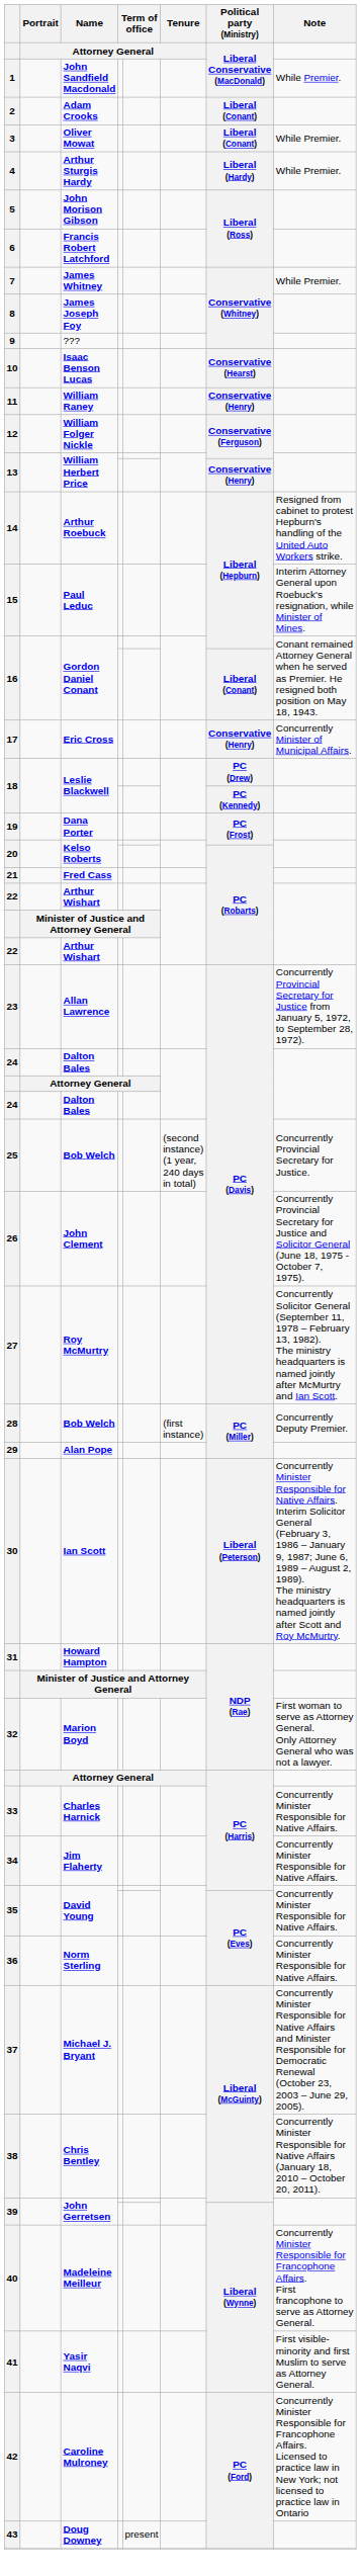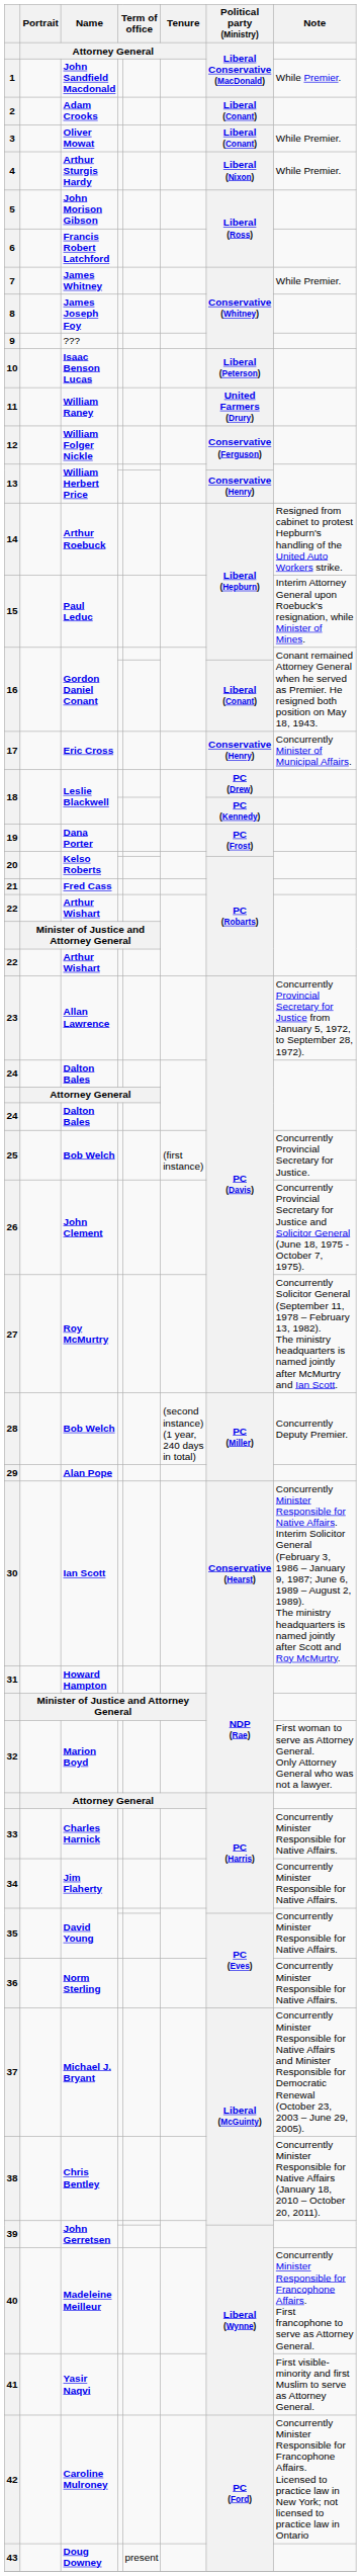 <table class="wikitable" style="width: 90%">
 <tr>
 <th></th>
 <th style="width: 65px;">Portrait</th>
 <th>Name</th>
 <th colspan=2>Term of office</th>
 <th>Tenure</th>
 <th>Political party<br><small>(Ministry)</small></th>
 <th style="width: 400px;">Note</th>
 </tr>
 <tr>
 <th></th>
 <th colspan=5>Attorney General</th>
 <th rowspan=2; style="background:"><a href='#'>Liberal<br>Conservative</a><br><small>(<a href='#'>MacDonald</a>)</small></th>
 <td></td>
 </tr>
 <tr>
 <th style="background:">1</th>
 <td></td>
 <td><strong><a href='#'>John Sandfield <br> Macdonald</a></strong></td>
 <td></td>
 <td></td>
 <td></td>
 <td>While <a href='#'>Premier</a>.</td>
 </tr>
 <tr>
 <th style="background:">2</th>
 <td></td>
 <td><strong><a href='#'>Adam Crooks</a></strong></td>
 <td></td>
 <td></td>
 <td></td>
 <th style="background:"><a href='#'>Liberal</a><br><small>(<a href='#'>Conant</a>)</small></th>
 <td></td>
 </tr>
 <tr>
 <th style="background:">3</th>
 <td></td>
 <td><strong><a href='#'>Oliver Mowat</a></strong></td>
 <td></td>
 <td></td>
 <td></td>
 <th style="background:"><a href='#'>Liberal</a><br><small>(<a href='#'>Conant</a>)</small></th>
 <td>While Premier.</td>
 </tr>
 <tr>
 <th style="background:">4</th>
 <td></td>
 <td><strong><a href='#'>Arthur Sturgis Hardy</a></strong></td>
 <td></td>
 <td></td>
 <td></td>
-<th style="background:"><a href='#'>Liberal</a><br><small>(<a href='#'>Hardy</a>)</small></th>
+<th style="background:"><a href='#'>Liberal</a><br><small>(<a href='#'>Nixon</a>)</small></th>
 <td>While Premier.</td>
 </tr>
 <tr>
 <th style="background:">5</th>
 <td></td>
 <td><strong><a href='#'>John Morison Gibson</a></strong></td>
 <td></td>
 <td></td>
 <td></td>
 <th rowspan=2; style="background:"><a href='#'>Liberal</a><br><small>(<a href='#'>Ross</a>)</small></th>
 <td></td>
 </tr>
 <tr>
 <th style="background:">6</th>
 <td></td>
 <td><strong><a href='#'>Francis Robert Latchford</a></strong></td>
 <td></td>
 <td></td>
 <td></td>
 <td></td>
 </tr>
 <tr>
 <th style="background:">7</th>
 <td></td>
 <td><strong><a href='#'>James Whitney</a></strong></td>
 <td></td>
 <td></td>
 <td></td>
 <th rowspan=3; style="background:"><a href='#'>Conservative</a><br><small>(<a href='#'>Whitney</a>)</small></th>
 <td>While Premier.</td>
 </tr>
 <tr>
 <th style="background:">8</th>
 <td></td>
 <td><strong><a href='#'>James Joseph Foy</a></strong></td>
 <td></td>
 <td></td>
 <td></td>
 <td></td>
 </tr>
 <tr>
 <th style="background:">9</th>
 <td></td>
 <td>???</td>
 <td></td>
 <td></td>
 <td></td>
 <td></td>
 </tr>
 <tr>
 <th style="background:">10</th>
 <td></td>
 <td><strong><a href='#'>Isaac Benson Lucas</a></strong></td>
 <td></td>
 <td></td>
 <td></td>
-<th style="background:"><a href='#'>Conservative</a><br><small>(<a href='#'>Hearst</a>)</small></th>
+<th style="background:"><a href='#'>Liberal</a><br><small>(<a href='#'>Peterson</a>)</small></th>
 <td></td>
 </tr>
 <tr>
 <th style="background:">11</th>
 <td></td>
 <td><strong><a href='#'>William Raney</a></strong></td>
 <td></td>
 <td></td>
 <td></td>
-<th style="background:"><a href='#'>Conservative</a><br><small>(<a href='#'>Henry</a>)</small></th>
+<th style="background:"><a href='#'>United Farmers</a><br><small>(<a href='#'>Drury</a>)</small></th>
 <td></td>
 </tr>
 <tr>
 <th style="background:">12</th>
 <td></td>
 <td><strong><a href='#'>William Folger Nickle</a></strong></td>
 <td></td>
 <td></td>
 <td></td>
 <th rowspan=2; style="background:"><a href='#'>Conservative</a><br><small>(<a href='#'>Ferguson</a>)</small></th>
 <td></td>
 </tr>
 <tr>
 <th rowspan=2; style="background:">13</th>
 <td rowspan=2></td>
 <td rowspan=2><strong><a href='#'>William Herbert Price</a></strong></td>
 <td></td>
 <td></td>
 <td rowspan=2></td>
 <td rowspan=2></td>
 </tr>
 <tr>
 <td></td>
 <td></td>
 <th style="background:"><a href='#'>Conservative</a><br><small>(<a href='#'>Henry</a>)</small></th>
 </tr>
 <tr>
 <th style="background:">14</th>
 <td></td>
 <td><strong><a href='#'>Arthur Roebuck</a></strong></td>
 <td></td>
 <td></td>
 <td></td>
 <th rowspan=3; style="background:"><a href='#'>Liberal</a><br><small>(<a href='#'>Hepburn</a>)</small></th>
 <td>Resigned from cabinet to protest Hepburn's handling of the <a href='#'>United Auto Workers</a> strike.</td>
 </tr>
 <tr>
 <th style="background:">15</th>
 <td></td>
 <td><strong><a href='#'>Paul Leduc</a></strong></td>
 <td></td>
 <td></td>
 <td></td>
 <td>Interim Attorney General upon Roebuck's resignation, while <a href='#'>Minister of Mines</a>.</td>
 </tr>
 <tr>
 <th rowspan=2; style="background:">16</th>
 <td rowspan=2></td>
 <td rowspan=2><strong><a href='#'>Gordon Daniel Conant</a></strong></td>
 <td></td>
 <td></td>
 <td rowspan=2></td>
 <td rowspan=2>Conant remained Attorney General when he served as Premier. He resigned both position on May 18, 1943.</td>
 </tr>
 <tr>
 <td></td>
 <td></td>
 <th style="background:"><a href='#'>Liberal</a><br><small>(<a href='#'>Conant</a>)</small></th>
 </tr>
 <tr>
 <th style="background:">17</th>
 <td></td>
 <td><strong><a href='#'>Eric Cross</a></strong></td>
 <td></td>
 <td></td>
 <td></td>
 <th style="background:"><a href='#'>Conservative</a><br><small>(<a href='#'>Henry</a>)</small></th>
 <td>Concurrently <a href='#'>Minister of Municipal Affairs</a>.</td>
 </tr>
 <tr>
 <th rowspan=2; style="background:">18</th>
 <td rowspan=2></td>
 <td rowspan=2><strong><a href='#'>Leslie Blackwell</a></strong></td>
 <td></td>
 <td></td>
 <td rowspan=2></td>
 <th style="background:"><a href='#'>PC</a><br><small>(<a href='#'>Drew</a>)</small></th>
 <td></td>
 </tr>
 <tr>
 <td></td>
 <td></td>
 <th style="background:"><a href='#'>PC</a><br><small>(<a href='#'>Kennedy</a>)</small></th>
 <td></td>
 </tr>
 <tr>
 <th style="background:">19</th>
 <td></td>
 <td><strong><a href='#'>Dana Porter</a></strong></td>
 <td></td>
 <td></td>
 <td></td>
 <th rowspan=2; style="background:"><a href='#'>PC</a><br><small>(<a href='#'>Frost</a>)</small></th>
 <td></td>
 </tr>
 <tr>
 <th rowspan=2; style="background:">20</th>
 <td rowspan=2></td>
 <td rowspan=2><strong><a href='#'>Kelso Roberts</a></strong></td>
 <td></td>
 <td></td>
 <td rowspan=2></td>
 <td rowspan=2></td>
 </tr>
 <tr>
 <td></td>
 <td></td>
 <th rowspan=5; style="background:"><a href='#'>PC</a><br><small>(<a href='#'>Robarts</a>)</small></th>
 </tr>
 <tr>
 <th style="background:">21</th>
 <td></td>
 <td><strong><a href='#'>Fred Cass</a></strong></td>
 <td></td>
 <td></td>
 <td></td>
 <td></td>
 </tr>
 <tr>
 <th style="background:">22</th>
 <td></td>
 <td><strong><a href='#'>Arthur Wishart</a></strong></td>
 <td></td>
 <td></td>
 <td rowspan=3></td>
 <td rowspan=3></td>
 </tr>
 <tr>
 <th></th>
 <th colspan=4>Minister of Justice and Attorney General</th>
 </tr>
 <tr>
 <th style="background:">22</th>
 <td></td>
 <td><strong><a href='#'>Arthur Wishart</a></strong></td>
 <td></td>
 <td></td>
 </tr>
 <tr>
 <th style="background:">23</th>
 <td></td>
 <td><strong><a href='#'>Allan Lawrence</a></strong></td>
 <td></td>
 <td></td>
 <td></td>
 <th rowspan=7; style="background:"><a href='#'>PC</a><br><small>(<a href='#'>Davis</a>)</small></th>
 <td>Concurrently <a href='#'>Provincial Secretary for Justice</a> from January 5, 1972, to September 28, 1972).</td>
 </tr>
 <tr>
 <th style="background:">24</th>
 <td></td>
 <td><strong><a href='#'>Dalton Bales</a></strong></td>
 <td></td>
 <td></td>
 <td rowspan=3></td>
 </tr>
 <tr>
 <th></th>
 <th colspan=4>Attorney General</th>
 </tr>
 <tr>
 <th style="background:">24</th>
 <td></td>
 <td><strong><a href='#'>Dalton Bales</a></strong></td>
 <td></td>
 <td></td>
 </tr>
 <tr>
 <th style="background:">25</th>
 <td></td>
 <td><strong><a href='#'>Bob Welch</a></strong></td>
 <td></td>
 <td></td>
-<td><br>(second instance)<br>(1 year, 240 days in total)</td>
+<td><br>(first instance)</td>
 <td>Concurrently Provincial Secretary for Justice.</td>
 </tr>
 <tr>
 <th style="background:">26</th>
 <td></td>
 <td><strong><a href='#'>John Clement</a></strong></td>
 <td></td>
 <td></td>
 <td></td>
 <td>Concurrently Provincial Secretary for Justice and <a href='#'>Solicitor General</a> (June 18, 1975 - October 7, 1975).</td>
 </tr>
 <tr>
 <th style="background:">27</th>
 <td></td>
 <td><strong><a href='#'>Roy McMurtry</a></strong></td>
 <td></td>
 <td></td>
 <td></td>
 <td>Concurrently Solicitor General (September 11, 1978 – February 13, 1982). <br> The ministry headquarters is named jointly after McMurtry and <a href='#'>Ian Scott</a>.</td>
 </tr>
 <tr>
 <th style="background:">28</th>
 <td></td>
 <td><strong><a href='#'>Bob Welch</a></strong></td>
 <td></td>
 <td></td>
-<td><br>(first instance)</td>
+<td><br>(second instance)<br>(1 year, 240 days in total)</td>
 <th rowspan=2; style="background:"><a href='#'>PC</a><br><small>(<a href='#'>Miller</a>)</small></th>
 <td>Concurrently Deputy Premier.</td>
 </tr>
 <tr>
 <th style="background:">29</th>
 <td></td>
 <td><strong><a href='#'>Alan Pope</a></strong></td>
 <td></td>
 <td></td>
 <td></td>
 <td></td>
 </tr>
 <tr>
 <th style="background:">30</th>
 <td></td>
 <td><strong><a href='#'>Ian Scott</a></strong></td>
 <td></td>
 <td></td>
 <td></td>
-<th style="background:"><a href='#'>Liberal</a><br><small>(<a href='#'>Peterson</a>)</small></th>
+<th style="background:"><a href='#'>Conservative</a><br><small>(<a href='#'>Hearst</a>)</small></th>
 <td>Concurrently <a href='#'>Minister Responsible for Native Affairs</a>. <br> Interim Solicitor General (February 3, 1986 – January 9, 1987; June 6, 1989 – August 2, 1989). <br> The ministry headquarters is named jointly after Scott and <a href='#'>Roy McMurtry</a>.</td>
 </tr>
 <tr>
 <th style="background:">31</th>
 <td></td>
 <td><strong><a href='#'>Howard Hampton</a></strong></td>
 <td></td>
 <td></td>
 <td></td>
 <th rowspan=3; style="background:"><a href='#'>NDP</a><br><small>(<a href='#'>Rae</a>)</small></th>
 <td></td>
 </tr>
 <tr>
 <th></th>
 <th colspan=5>Minister of Justice and Attorney General</th>
 </tr>
 <tr>
 <th style="background:">32</th>
 <td></td>
 <td><strong><a href='#'>Marion Boyd</a></strong></td>
 <td></td>
 <td></td>
 <td></td>
 <td>First woman to serve as Attorney General. <br> Only Attorney General who was not a lawyer.</td>
 </tr>
 <tr>
 <th></th>
 <th colspan=5>Attorney General</th>
 <th rowspan=4; style="background:"><a href='#'>PC</a><br><small>(<a href='#'>Harris</a>)</small></th>
 </tr>
 <tr>
 <th style="background:">33</th>
 <td></td>
 <td><strong><a href='#'>Charles Harnick</a></strong></td>
 <td></td>
 <td></td>
 <td></td>
 <td>Concurrently Minister Responsible for Native Affairs.</td>
 </tr>
 <tr>
 <th style="background:">34</th>
 <td></td>
 <td><strong><a href='#'>Jim Flaherty</a></strong></td>
 <td></td>
 <td></td>
 <td></td>
 <td>Concurrently Minister Responsible for Native Affairs.</td>
 </tr>
 <tr>
 <th rowspan=2; style="background:">35</th>
 <td rowspan=2></td>
 <td rowspan=2><strong><a href='#'>David Young</a></strong></td>
 <td></td>
 <td></td>
 <td rowspan=2></td>
 <td rowspan=2>Concurrently Minister Responsible for Native Affairs.</td>
 </tr>
 <tr>
 <td></td>
 <td></td>
 <th rowspan=2; style="background:"><a href='#'>PC</a><br><small>(<a href='#'>Eves</a>)</small></th>
 </tr>
 <tr>
 <th style="background:">36</th>
 <td></td>
 <td><strong><a href='#'>Norm Sterling</a></strong></td>
 <td></td>
 <td></td>
 <td></td>
 <td>Concurrently Minister Responsible for Native Affairs.</td>
 </tr>
 <tr>
 <th style="background:">37</th>
 <td></td>
 <td><strong><a href='#'>Michael J. Bryant</a></strong></td>
 <td></td>
 <td></td>
 <td></td>
 <th rowspan=3; style="background:"><a href='#'>Liberal</a><br><small>(<a href='#'>McGuinty</a>)</small></th>
 <td>Concurrently Minister Responsible for Native Affairs and Minister Responsible for Democratic Renewal (October 23, 2003 – June 29, 2005).</td>
 </tr>
 <tr>
 <th style="background:">38</th>
 <td></td>
 <td><strong><a href='#'>Chris Bentley</a></strong></td>
 <td></td>
 <td></td>
 <td></td>
 <td>Concurrently Minister Responsible for Native Affairs (January 18, 2010 – October 20, 2011).</td>
 </tr>
 <tr>
 <th rowspan=2; style="background:">39</th>
 <td rowspan=2></td>
 <td rowspan=2><strong><a href='#'>John Gerretsen</a></strong></td>
 <td></td>
 <td></td>
 <td rowspan=2></td>
 <td rowspan=2></td>
 </tr>
 <tr>
 <td></td>
 <td></td>
 <th rowspan=3; style="background:"><a href='#'>Liberal</a><br><small>(<a href='#'>Wynne</a>)</small></th>
 </tr>
 <tr>
 <th style="background:">40</th>
 <td></td>
 <td><strong><a href='#'>Madeleine Meilleur</a></strong></td>
 <td></td>
 <td></td>
 <td></td>
 <td>Concurrently <a href='#'>Minister Responsible for Francophone Affairs</a>. <br> First francophone to serve as Attorney General.</td>
 </tr>
 <tr>
 <th style="background:">41</th>
 <td></td>
 <td><strong><a href='#'>Yasir Naqvi</a></strong></td>
 <td></td>
 <td></td>
 <td></td>
 <td>First visible-minority and first Muslim to serve as Attorney General.</td>
 </tr>
 <tr>
 <th style="background:">42</th>
 <td></td>
 <td><strong><a href='#'>Caroline Mulroney</a></strong></td>
 <td></td>
 <td></td>
 <td></td>
 <th rowspan=2; style="background:"><a href='#'>PC</a><br><small>(<a href='#'>Ford</a>)</small></th>
 <td>Concurrently Minister Responsible for Francophone Affairs. <br> Licensed to practice law in New York; not licensed to practice law in Ontario</td>
 </tr>
 <tr>
 <th style="background:">43</th>
 <td></td>
 <td><strong><a href='#'>Doug Downey</a></strong></td>
 <td></td>
 <td>present</td>
 <td></td>
 <td></td>
 </tr>
 <tr>
 </tr>
 </table>
